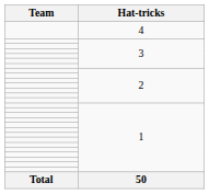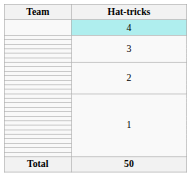 <table class="wikitable" style="text-align: center; width: 300px;">
 <tr>
 <th>Team</th>
 <th>Hat-tricks</th>
 </tr>
 <tr>
 <td align=left></td>
-<td>4</td>
+<td style="background: paleturquoise;">4</td>
 </tr>
 <tr>
 <td align=left></td>
 <td rowspan="6">3</td>
 </tr>
 <tr>
 <td align=left></td>
 </tr>
 <tr>
 <td align=left></td>
 </tr>
 <tr>
 <td align=left></td>
 </tr>
 <tr>
 <td align=left></td>
 </tr>
 <tr>
 <td align=left></td>
 </tr>
 <tr>
 <td align="left"></td>
 <td rowspan="7">2</td>
 </tr>
 <tr>
 <td align=left></td>
 </tr>
 <tr>
 <td align=left></td>
 </tr>
 <tr>
 <td align=left></td>
 </tr>
 <tr>
 <td align=left></td>
 </tr>
 <tr>
 <td align=left></td>
 </tr>
 <tr>
 <td align=left></td>
 </tr>
 <tr>
 <td align=left></td>
 <td rowspan=14>1</td>
 </tr>
 <tr>
 <td align=left></td>
 </tr>
 <tr>
 <td align=left></td>
 </tr>
 <tr>
 <td align=left></td>
 </tr>
 <tr>
 <td align=left></td>
 </tr>
 <tr>
 <td align=left></td>
 </tr>
 <tr>
 <td align=left></td>
 </tr>
 <tr>
 <td align=left></td>
 </tr>
 <tr>
 <td align=left></td>
 </tr>
 <tr>
 <td align=left></td>
 </tr>
 <tr>
 <td align=left></td>
 </tr>
 <tr>
 <td align=left></td>
 </tr>
 <tr>
 <td align=left></td>
 </tr>
 <tr>
 <td align=left></td>
 </tr>
 <tr>
 <th>Total</th>
 <th>50</th>
 </tr>
 </table>
